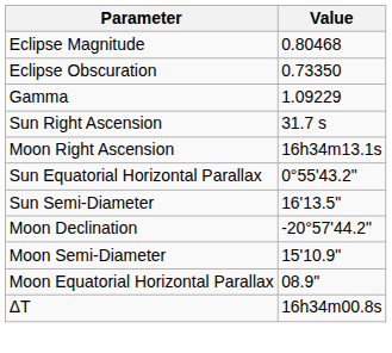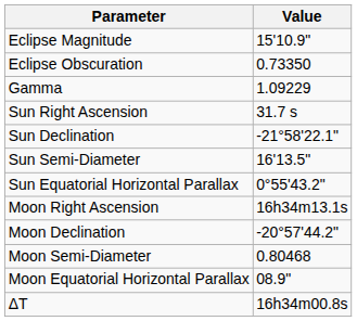 <table class="wikitable">
 <tr>
 <th>Parameter</th>
 <th>Value</th>
 </tr>
 <tr>
 <td>Eclipse Magnitude</td>
-<td>0.80468</td>
+<td>15'10.9"</td>
 </tr>
 <tr>
 <td>Eclipse Obscuration</td>
 <td>0.73350</td>
 </tr>
 <tr>
 <td>Gamma</td>
 <td>1.09229</td>
 </tr>
 <tr>
 <td>Sun Right Ascension</td>
 <td>31.7 s</td>
 </tr>
 <tr>
-<td>Moon Right Ascension</td>
-<td>16h34m13.1s</td>
+<td>Sun Declination</td>
+<td>-21°58'22.1"</td>
+</tr>
+<tr>
+<td>Sun Semi-Diameter</td>
+<td>16'13.5"</td>
 </tr>
 <tr>
 <td>Sun Equatorial Horizontal Parallax</td>
 <td>0°55'43.2"</td>
 </tr>
 <tr>
-<td>Sun Semi-Diameter</td>
-<td>16'13.5"</td>
+<td>Moon Right Ascension</td>
+<td>16h34m13.1s</td>
 </tr>
 <tr>
 <td>Moon Declination</td>
 <td>-20°57'44.2"</td>
 </tr>
 <tr>
 <td>Moon Semi-Diameter</td>
-<td>15'10.9"</td>
+<td>0.80468</td>
 </tr>
 <tr>
 <td>Moon Equatorial Horizontal Parallax</td>
 <td>08.9"</td>
 </tr>
 <tr>
 <td>ΔT</td>
 <td>16h34m00.8s</td>
 </tr>
 </table>
